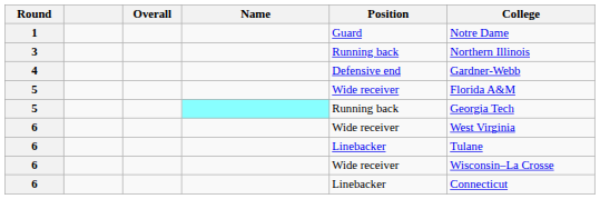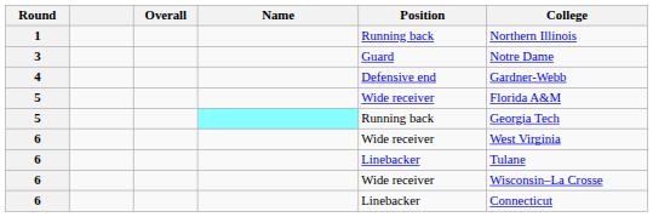 <table class="wikitable sortable" style="width: 50%;">
 <tr>
 <th scope="col" style="width: 10%;">Round</th>
 <th scope="col" style="width: 10%;"></th>
 <th scope="col" style="width: 10%;">Overall</th>
 <th scope="col" style="width: 25%;">Name</th>
 <th scope="col" style="width: 20%;">Position</th>
 <th scope="col" style="width: 25%;">College</th>
 </tr>
 <tr>
 <th scope="row">1</th>
 <td></td>
 <td></td>
 <td></td>
-<td><a href='#'>Guard</a></td>
-<td><a href='#'>Notre Dame</a></td>
+<td><a href='#'>Running back</a></td>
+<td><a href='#'>Northern Illinois</a></td>
 </tr>
 <tr>
 <th scope="row">3</th>
 <td></td>
 <td></td>
 <td></td>
-<td><a href='#'>Running back</a></td>
-<td><a href='#'>Northern Illinois</a></td>
+<td><a href='#'>Guard</a></td>
+<td><a href='#'>Notre Dame</a></td>
 </tr>
 <tr>
 <th scope="row">4</th>
 <td></td>
 <td></td>
 <td></td>
 <td><a href='#'>Defensive end</a></td>
 <td><a href='#'>Gardner-Webb</a></td>
 </tr>
 <tr>
 <th scope="row">5</th>
 <td></td>
 <td></td>
 <td></td>
 <td><a href='#'>Wide receiver</a></td>
 <td><a href='#'>Florida A&M</a></td>
 </tr>
 <tr>
 <th scope="row">5</th>
 <td></td>
 <td></td>
 <td style="background:#88FFFF;"> <sup></sup></td>
 <td>Running back</td>
 <td><a href='#'>Georgia Tech</a></td>
 </tr>
 <tr>
 <th scope="row">6</th>
 <td></td>
 <td></td>
 <td></td>
 <td>Wide receiver</td>
 <td><a href='#'>West Virginia</a></td>
 </tr>
 <tr>
 <th scope="row">6</th>
 <td></td>
 <td></td>
 <td></td>
 <td><a href='#'>Linebacker</a></td>
 <td><a href='#'>Tulane</a></td>
 </tr>
 <tr>
 <th scope="row">6</th>
 <td></td>
 <td></td>
 <td></td>
 <td>Wide receiver</td>
 <td><a href='#'>Wisconsin–La Crosse</a></td>
 </tr>
 <tr>
 <th scope="row">6</th>
 <td></td>
 <td></td>
 <td></td>
 <td>Linebacker</td>
 <td><a href='#'>Connecticut</a></td>
 </tr>
 </table>
